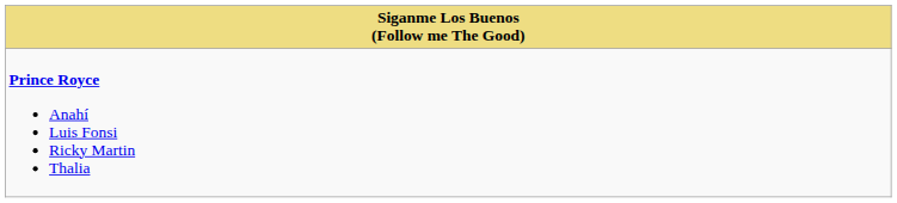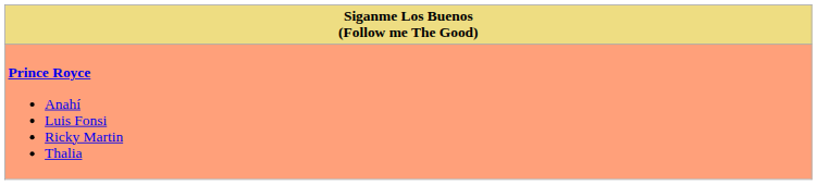 <table class="wikitable" style="width:100%">
 <tr>
 <th style="background:#EEDD82; width:50%">Siganme Los Buenos<br>(Follow me The Good)</th>
 </tr>
 <tr>
-<td valign="top"><br><strong><a href='#'>Prince Royce</a></strong><ul><li><a href='#'>Anahí</a></li><li><a href='#'>Luis Fonsi</a></li><li><a href='#'>Ricky Martin</a></li><li><a href='#'>Thalia</a></li></ul></td>
+<td valign="top" style="background: lightsalmon;"><br><strong><a href='#'>Prince Royce</a></strong><ul><li><a href='#'>Anahí</a></li><li><a href='#'>Luis Fonsi</a></li><li><a href='#'>Ricky Martin</a></li><li><a href='#'>Thalia</a></li></ul></td>
 </tr>
 </table>
